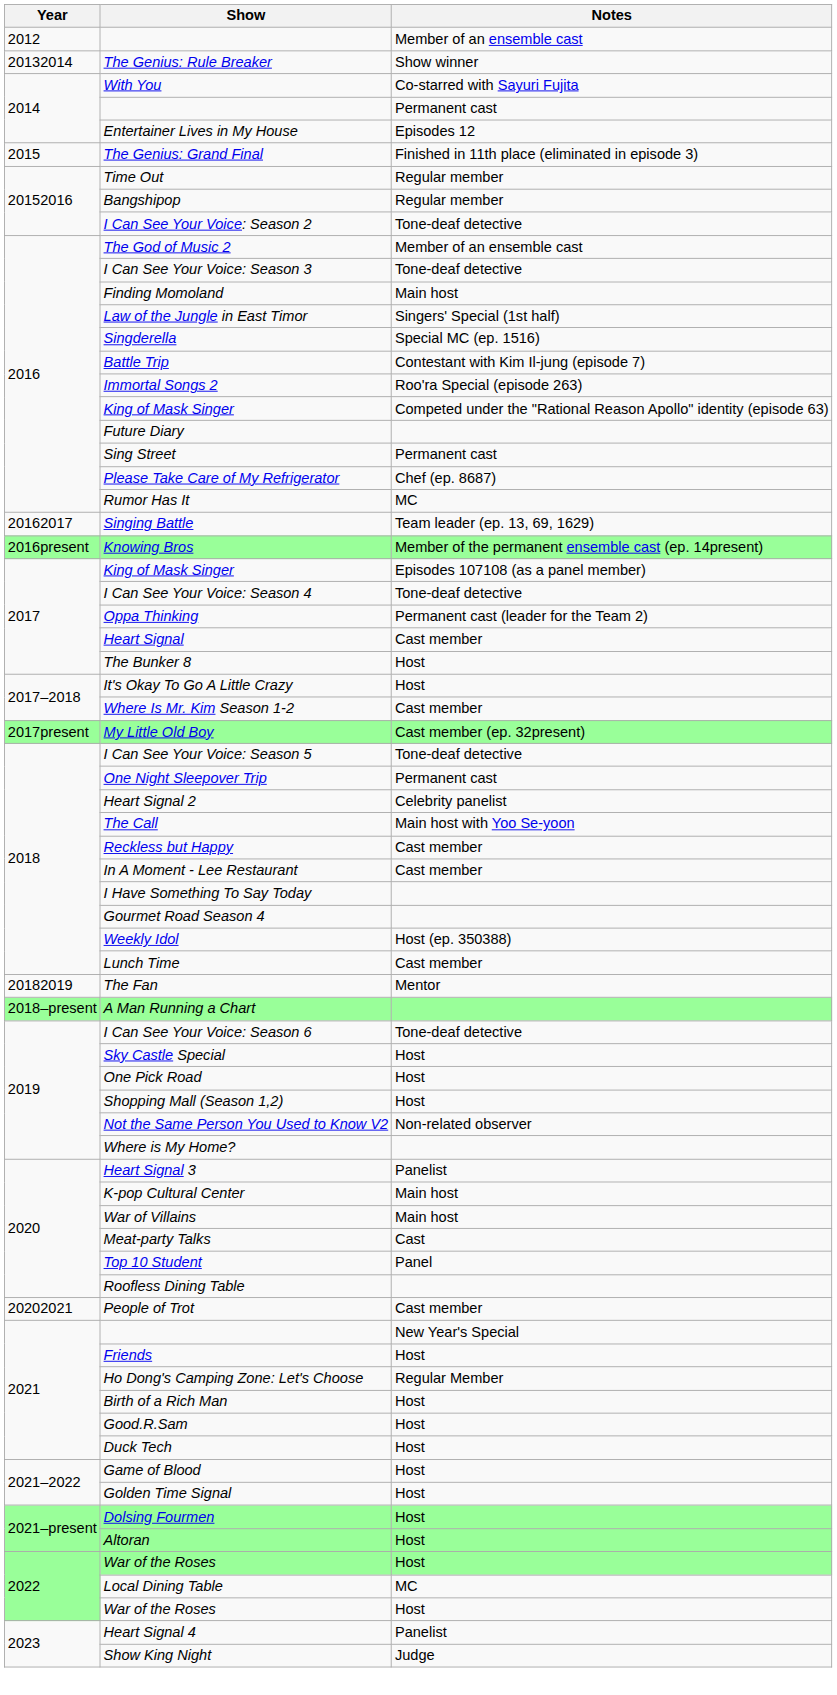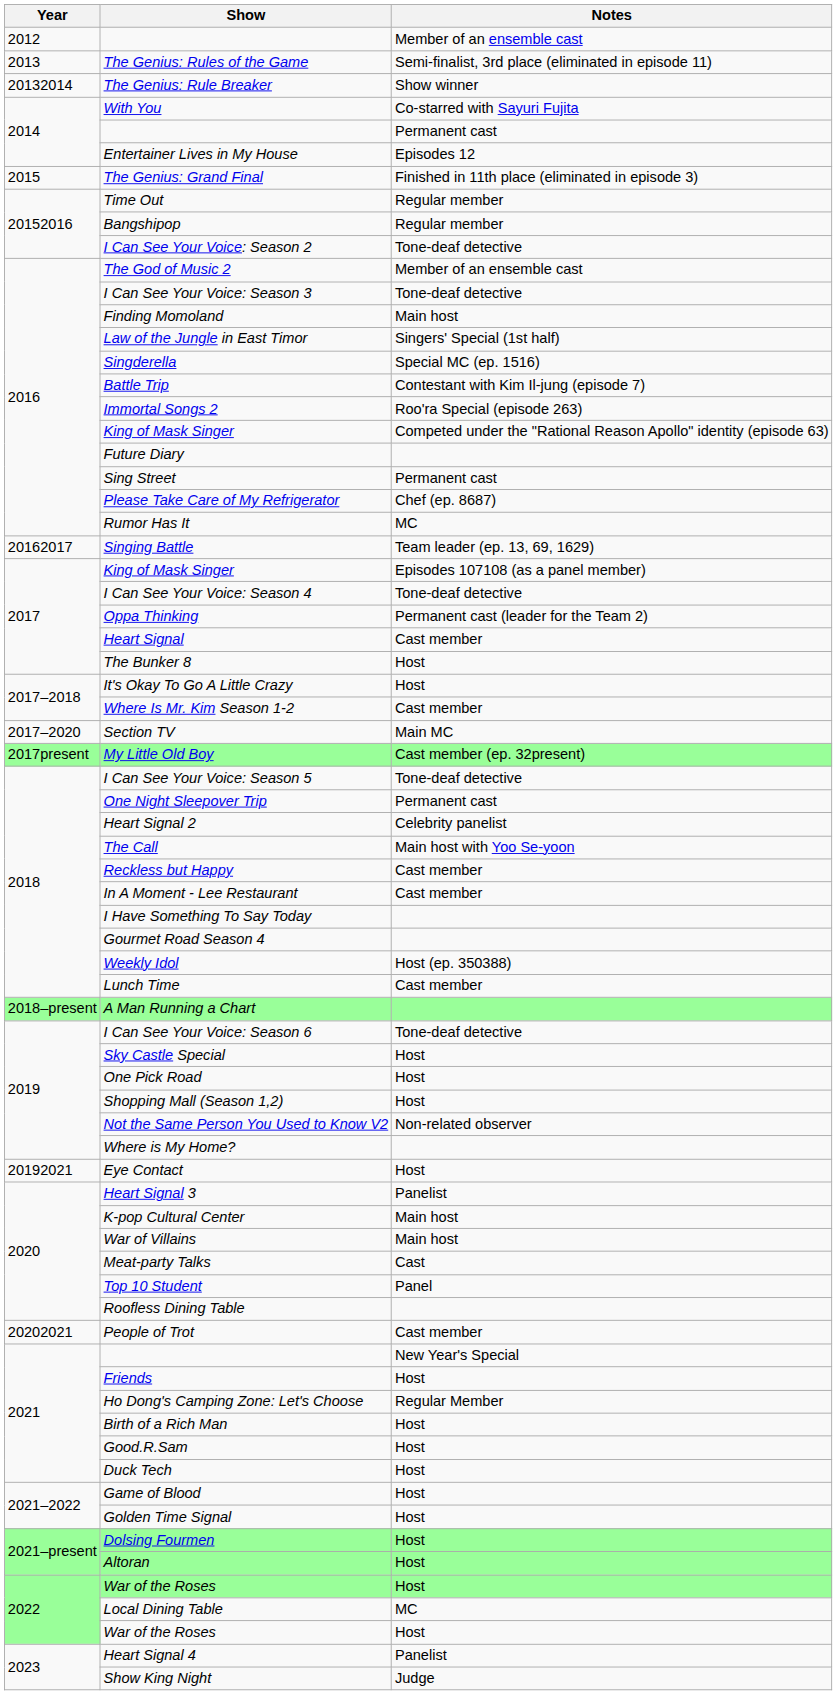 <table class="wikitable sortable">
 <tr>
 <th>Year</th>
 <th>Show</th>
 <th class="unsortable">Notes</th>
 </tr>
 <tr>
 <td>2012</td>
 <td><em></em></td>
 <td>Member of an <a href='#'>ensemble cast</a></td>
+</tr>
+<tr>
+<td>2013</td>
+<td><em><a href='#'>The Genius: Rules of the Game</a></em></td>
+<td>Semi-finalist, 3rd place (eliminated in episode 11)</td>
 </tr>
 <tr>
 <td>20132014</td>
 <td><em><a href='#'>The Genius: Rule Breaker</a></em></td>
 <td>Show winner</td>
 </tr>
 <tr>
 <td rowspan="3">2014</td>
 <td><em><a href='#'>With You</a></em></td>
 <td>Co-starred with <a href='#'>Sayuri Fujita</a></td>
 </tr>
 <tr>
 <td><em></em></td>
 <td>Permanent cast</td>
 </tr>
 <tr>
 <td><em>Entertainer Lives in My House</em></td>
 <td>Episodes 12</td>
 </tr>
 <tr>
 <td>2015</td>
 <td><em><a href='#'>The Genius: Grand Final</a></em></td>
 <td>Finished in 11th place (eliminated in episode 3)</td>
 </tr>
 <tr>
 <td rowspan="3">20152016</td>
 <td><em>Time Out</em></td>
 <td>Regular member</td>
 </tr>
 <tr>
 <td><em>Bangshipop</em></td>
 <td>Regular member</td>
 </tr>
 <tr>
 <td><em><a href='#'>I Can See Your Voice</a>: Season 2</em></td>
 <td>Tone-deaf detective</td>
 </tr>
 <tr>
 <td rowspan="12">2016</td>
 <td><em><a href='#'>The God of Music 2</a></em></td>
 <td>Member of an ensemble cast</td>
 </tr>
 <tr>
 <td><em>I Can See Your Voice: Season 3</em></td>
 <td>Tone-deaf detective</td>
 </tr>
 <tr>
 <td><em>Finding Momoland</em></td>
 <td>Main host</td>
 </tr>
 <tr>
 <td><em><a href='#'>Law of the Jungle</a> in East Timor</em></td>
 <td>Singers' Special (1st half)</td>
 </tr>
 <tr>
 <td><em><a href='#'>Singderella</a></em></td>
 <td>Special MC (ep. 1516)</td>
 </tr>
 <tr>
 <td><em><a href='#'>Battle Trip</a></em></td>
 <td>Contestant with Kim Il-jung (episode 7)</td>
 </tr>
 <tr>
 <td><em><a href='#'>Immortal Songs 2</a></em></td>
 <td>Roo'ra Special (episode 263)</td>
 </tr>
 <tr>
 <td><em><a href='#'>King of Mask Singer</a></em></td>
 <td>Competed under the "Rational Reason Apollo" identity (episode 63)</td>
 </tr>
 <tr>
 <td><em>Future Diary</em></td>
 <td></td>
 </tr>
 <tr>
 <td><em>Sing Street</em></td>
 <td>Permanent cast</td>
 </tr>
 <tr>
 <td><em><a href='#'>Please Take Care of My Refrigerator</a></em></td>
 <td>Chef (ep. 8687)</td>
 </tr>
 <tr>
 <td><em>Rumor Has It</em></td>
 <td>MC</td>
 </tr>
 <tr>
 <td>20162017</td>
 <td><em><a href='#'>Singing Battle</a></em></td>
 <td>Team leader (ep. 13, 69, 1629)</td>
 </tr>
-<tr bgcolor="#99ff99">
-<td>2016present</td>
-<td><em><a href='#'>Knowing Bros</a></em></td>
-<td>Member of the permanent <a href='#'>ensemble cast</a> (ep. 14present)</td>
-</tr>
 <tr>
 <td rowspan="5">2017</td>
 <td><em><a href='#'>King of Mask Singer</a></em></td>
 <td>Episodes 107108 (as a panel member)</td>
 </tr>
 <tr>
 <td><em>I Can See Your Voice: Season 4</em></td>
 <td>Tone-deaf detective</td>
 </tr>
 <tr>
 <td><em><a href='#'>Oppa Thinking</a></em></td>
 <td>Permanent cast (leader for the Team 2)</td>
 </tr>
 <tr>
 <td><em><a href='#'>Heart Signal</a></em></td>
 <td>Cast member</td>
 </tr>
 <tr>
 <td><em>The Bunker 8</em></td>
 <td>Host</td>
 </tr>
 <tr>
 <td rowspan="2">2017–2018</td>
 <td><em>It's Okay To Go A Little Crazy</em></td>
 <td>Host</td>
 </tr>
 <tr>
 <td><em><a href='#'>Where Is Mr. Kim</a> Season 1-2</em></td>
 <td>Cast member</td>
+</tr>
+<tr>
+<td>2017–2020</td>
+<td><em>Section TV</em></td>
+<td>Main MC</td>
 </tr>
 <tr bgcolor="#99ff99">
 <td>2017present</td>
 <td><em><a href='#'>My Little Old Boy</a></em></td>
 <td>Cast member (ep. 32present)</td>
 </tr>
 <tr>
 <td rowspan="10">2018</td>
 <td><em>I Can See Your Voice: Season 5</em></td>
 <td>Tone-deaf detective</td>
 </tr>
 <tr>
 <td><em><a href='#'>One Night Sleepover Trip</a></em></td>
 <td>Permanent cast</td>
 </tr>
 <tr>
 <td><em>Heart Signal 2</em></td>
 <td>Celebrity panelist</td>
 </tr>
 <tr>
 <td><em><a href='#'>The Call</a></em></td>
 <td>Main host with <a href='#'>Yoo Se-yoon</a></td>
 </tr>
 <tr>
 <td><em><a href='#'>Reckless but Happy</a></em></td>
 <td>Cast member</td>
 </tr>
 <tr>
 <td><em>In A Moment - Lee Restaurant</em></td>
 <td>Cast member</td>
 </tr>
 <tr>
 <td><em>I Have Something To Say Today</em></td>
 <td></td>
 </tr>
 <tr>
 <td><em>Gourmet Road Season 4</em></td>
 <td></td>
 </tr>
 <tr>
 <td><em><a href='#'>Weekly Idol</a></em></td>
 <td>Host (ep. 350388)</td>
 </tr>
 <tr>
 <td><em>Lunch Time</em></td>
 <td>Cast member</td>
 </tr>
-<tr>
-<td>20182019</td>
-<td><em>The Fan</em></td>
-<td>Mentor</td>
-</tr>
 <tr bgcolor="#99ff99">
 <td>2018–present</td>
 <td><em>A Man Running a Chart</em></td>
 <td></td>
 </tr>
 <tr>
 <td rowspan="6">2019</td>
 <td><em>I Can See Your Voice: Season 6</em></td>
 <td>Tone-deaf detective</td>
 </tr>
 <tr>
 <td><em><a href='#'>Sky Castle</a> Special</em></td>
 <td>Host</td>
 </tr>
 <tr>
 <td><em>One Pick Road</em></td>
 <td>Host</td>
 </tr>
 <tr>
 <td><em>Shopping Mall (Season 1,2)</em></td>
 <td>Host</td>
 </tr>
 <tr>
 <td><em><a href='#'>Not the Same Person You Used to Know V2</a></em></td>
 <td>Non-related observer</td>
 </tr>
 <tr>
 <td><em>Where is My Home?</em></td>
 <td></td>
+</tr>
+<tr>
+<td>20192021</td>
+<td><em>Eye Contact</em></td>
+<td>Host</td>
 </tr>
 <tr>
 <td rowspan="6">2020</td>
 <td><em><a href='#'>Heart Signal</a> 3</em></td>
 <td>Panelist</td>
 </tr>
 <tr>
 <td><em>K-pop Cultural Center</em></td>
 <td>Main host</td>
 </tr>
 <tr>
 <td><em>War of Villains</em></td>
 <td>Main host</td>
 </tr>
 <tr>
 <td><em>Meat-party Talks</em></td>
 <td>Cast</td>
 </tr>
 <tr>
 <td><em><a href='#'>Top 10 Student</a></em></td>
 <td>Panel</td>
 </tr>
 <tr>
 <td><em>Roofless Dining Table</em></td>
 <td></td>
 </tr>
 <tr>
 <td>20202021</td>
 <td><em>People of Trot</em></td>
 <td>Cast member</td>
 </tr>
 <tr>
 <td rowspan="6">2021</td>
 <td></td>
 <td>New Year's Special</td>
 </tr>
 <tr>
 <td><em><a href='#'>Friends</a></em></td>
 <td>Host</td>
 </tr>
 <tr>
 <td><em>Ho Dong's Camping Zone: Let's Choose</em></td>
 <td>Regular Member</td>
 </tr>
 <tr>
 <td><em>Birth of a Rich Man</em></td>
 <td>Host</td>
 </tr>
 <tr>
 <td><em>Good.R.Sam</em></td>
 <td>Host</td>
 </tr>
 <tr>
 <td><em>Duck Tech</em></td>
 <td>Host</td>
 </tr>
 <tr>
 <td rowspan=2>2021–2022</td>
 <td><em>Game of Blood</em></td>
 <td>Host</td>
 </tr>
 <tr>
 <td><em>Golden Time Signal</em></td>
 <td>Host</td>
 </tr>
 <tr bgcolor="#99ff99">
 <td rowspan=2>2021–present</td>
 <td><em><a href='#'>Dolsing Fourmen</a></em></td>
 <td>Host</td>
 </tr>
 <tr bgcolor="#99ff99">
 <td><em>Altoran</em></td>
 <td>Host</td>
 </tr>
 <tr bgcolor="#99ff99">
 <td rowspan=3>2022</td>
 <td><em>War of the Roses</em></td>
 <td>Host</td>
 </tr>
 <tr>
 <td><em>Local Dining Table</em></td>
 <td>MC</td>
 </tr>
 <tr>
 <td><em>War of the Roses</em></td>
 <td>Host</td>
 </tr>
 <tr>
 <td rowspan=2>2023</td>
 <td><em>Heart Signal 4</em></td>
 <td>Panelist</td>
 </tr>
 <tr>
 <td><em>Show King Night</em></td>
 <td>Judge</td>
 </tr>
 </table>
